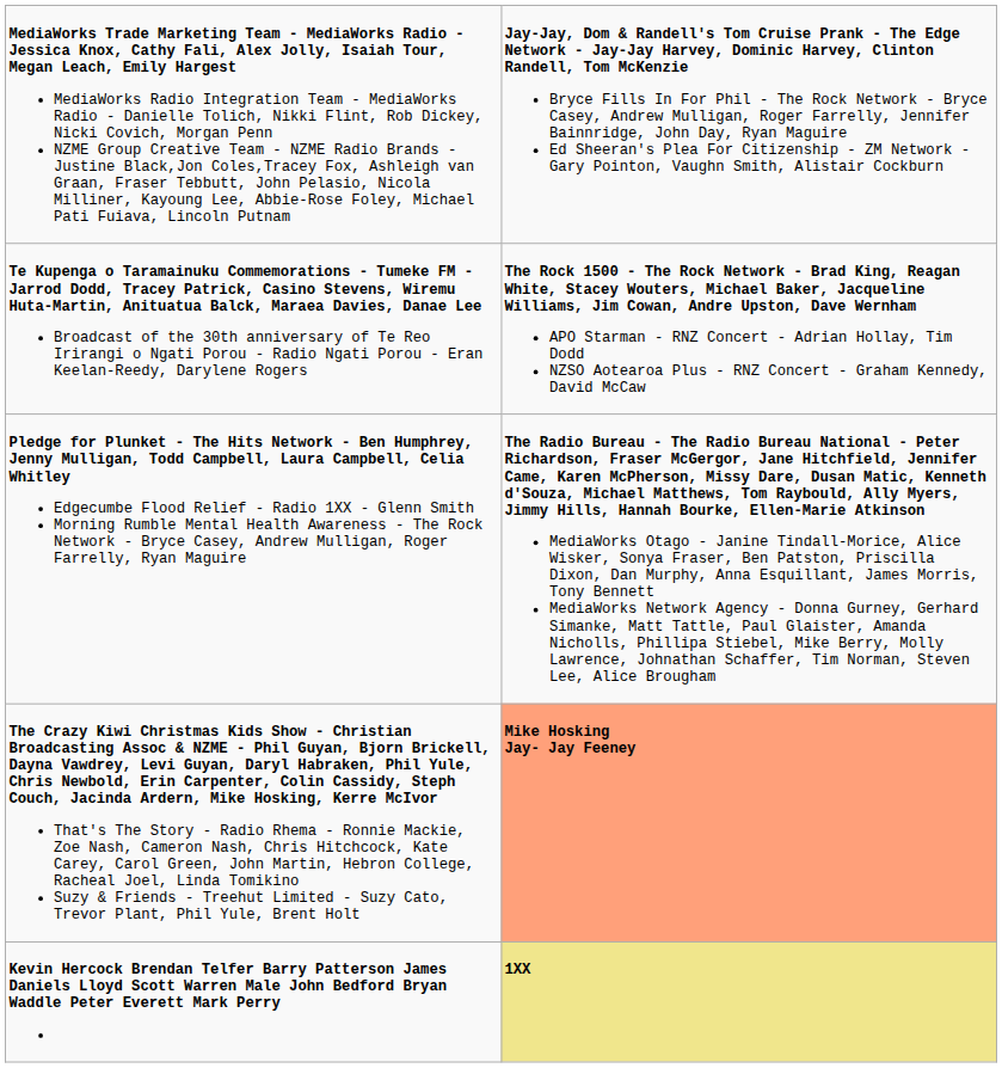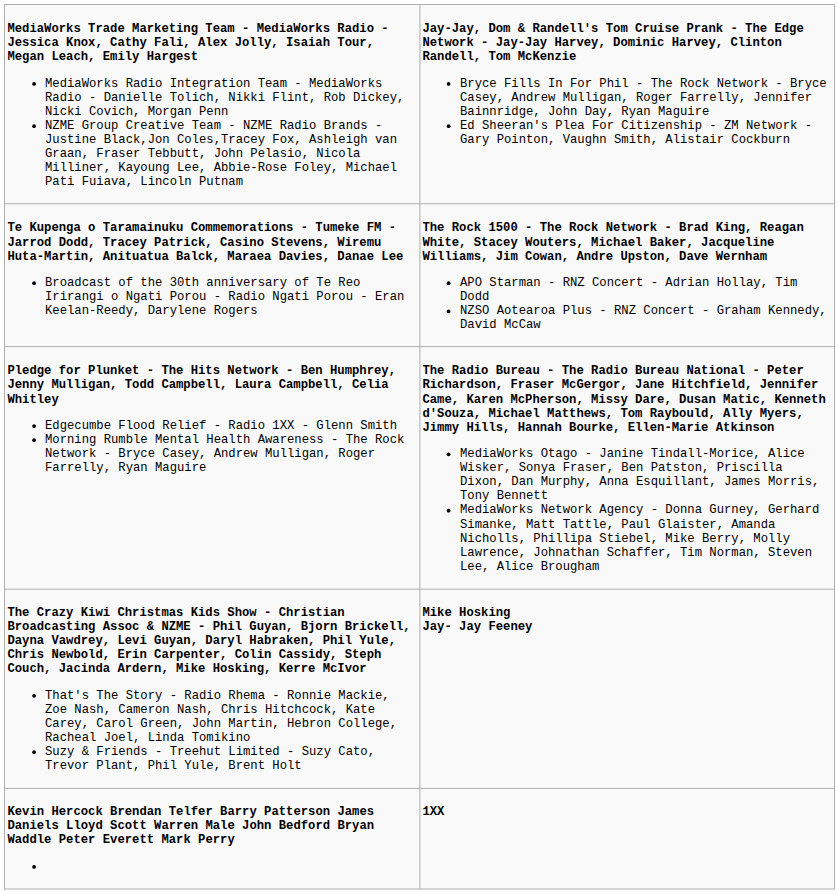 <table class=wikitable width="100%">
 <tr>
 <td valign="top" width="50%"><br> <strong>MediaWorks Trade Marketing Team - MediaWorks Radio - Jessica Knox, Cathy Fali, Alex Jolly, Isaiah Tour, Megan Leach, Emily Hargest</strong><ul><li>MediaWorks Radio Integration Team - MediaWorks Radio - Danielle Tolich, Nikki Flint, Rob Dickey, Nicki Covich, Morgan Penn</li><li>NZME Group Creative Team - NZME Radio Brands - Justine Black,Jon Coles,Tracey Fox, Ashleigh van Graan, Fraser Tebbutt, John Pelasio, Nicola Milliner, Kayoung Lee, Abbie-Rose Foley, Michael Pati Fuiava, Lincoln Putnam</li></ul></td>
 <td valign="top"  width="50%"><br> <strong>Jay-Jay, Dom & Randell's Tom Cruise Prank - The Edge Network - Jay-Jay Harvey, Dominic Harvey, Clinton Randell, Tom McKenzie</strong><ul><li>Bryce Fills In For Phil - The Rock Network - Bryce Casey, Andrew Mulligan, Roger Farrelly, Jennifer Bainnridge, John Day, Ryan Maguire</li><li>Ed Sheeran's Plea For Citizenship - ZM Network - Gary Pointon, Vaughn Smith, Alistair Cockburn</li></ul></td>
 </tr>
 <tr>
 <td valign="top" width="50%"><br> <strong>Te Kupenga o Taramainuku Commemorations - Tumeke FM - Jarrod Dodd, Tracey Patrick, Casino Stevens, Wiremu Huta-Martin, Anituatua Balck, Maraea Davies, Danae Lee</strong><ul><li>Broadcast of the 30th anniversary of Te Reo Irirangi o Ngati Porou - Radio Ngati Porou - Eran Keelan-Reedy, Darylene Rogers</li></ul></td>
 <td valign="top"  width="50%"><br> <strong>The Rock 1500 - The Rock Network - Brad King, Reagan White, Stacey Wouters, Michael Baker, Jacqueline Williams, Jim Cowan, Andre Upston, Dave Wernham</strong><ul><li>APO Starman - RNZ Concert - Adrian Hollay, Tim Dodd</li><li>NZSO Aotearoa Plus - RNZ Concert - Graham Kennedy, David McCaw</li></ul></td>
 </tr>
 <tr>
 <td valign="top" width="50%"><br> <strong>Pledge for Plunket - The Hits Network - Ben Humphrey, Jenny Mulligan, Todd Campbell, Laura Campbell, Celia Whitley</strong><ul><li>Edgecumbe Flood Relief - Radio 1XX - Glenn Smith</li><li>Morning Rumble Mental Health Awareness - The Rock Network - Bryce Casey, Andrew Mulligan, Roger Farrelly, Ryan Maguire</li></ul></td>
 <td valign="top"  width="50%"><br> <strong>The Radio Bureau - The Radio Bureau National - Peter Richardson, Fraser McGergor, Jane Hitchfield, Jennifer Came, Karen McPherson, Missy Dare, Dusan Matic, Kenneth d'Souza, Michael Matthews, Tom Raybould, Ally Myers, Jimmy Hills, Hannah Bourke, Ellen-Marie Atkinson</strong><ul><li>MediaWorks Otago - Janine Tindall-Morice, Alice Wisker, Sonya Fraser, Ben Patston, Priscilla Dixon, Dan Murphy, Anna Esquillant, James Morris, Tony Bennett</li><li>MediaWorks Network Agency - Donna Gurney, Gerhard Simanke, Matt Tattle, Paul Glaister, Amanda Nicholls, Phillipa Stiebel, Mike Berry, Molly Lawrence, Johnathan Schaffer, Tim Norman, Steven Lee, Alice Brougham</li></ul></td>
 </tr>
 <tr>
 <td valign="top" width="50%"><br> <strong>The Crazy Kiwi Christmas Kids Show - Christian Broadcasting Assoc & NZME - Phil Guyan, Bjorn Brickell, Dayna Vawdrey, Levi Guyan, Daryl Habraken, Phil Yule, Chris Newbold, Erin Carpenter, Colin Cassidy, Steph Couch, Jacinda Ardern, Mike Hosking, Kerre McIvor</strong><ul><li>That's The Story - Radio Rhema - Ronnie Mackie, Zoe Nash, Cameron Nash, Chris Hitchcock, Kate Carey, Carol Green, John Martin, Hebron College, Racheal Joel, Linda Tomikino</li><li>Suzy & Friends - Treehut Limited - Suzy Cato, Trevor Plant, Phil Yule, Brent Holt</li></ul></td>
-<td valign="top"  width="50%" style="background: lightsalmon;"><br> <strong>Mike Hosking</strong><br><strong>Jay- Jay Feeney</strong></td>
+<td valign="top"  width="50%"><br> <strong>Mike Hosking</strong><br><strong>Jay- Jay Feeney</strong></td>
 </tr>
 <tr>
 <td valign="top" width="50%"><br> <strong>Kevin Hercock</strong> <strong>Brendan Telfer</strong> <strong>Barry Patterson</strong> <strong>James Daniels</strong> <strong>Lloyd Scott</strong> <strong>Warren Male</strong> <strong>John Bedford</strong> <strong>Bryan Waddle</strong> <strong>Peter Everett</strong> <strong>Mark Perry</strong><ul><li></li></ul></td>
-<td valign="top"  width="50%" style="background: khaki;"><br> <strong>1XX</strong></td>
+<td valign="top"  width="50%"><br> <strong>1XX</strong></td>
 </tr>
 </table>
